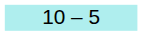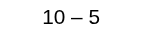 <table style="text-align:center">
 <tr>
 <th width=200></th>
 <th width=100></th>
 <th width=200></th>
 </tr>
 <tr>
 <td align=right><strong></strong></td>
-<td style="background: paleturquoise;">10 – 5</td>
+<td>10 – 5</td>
 <td align=left></td>
 </tr>
 </table>
